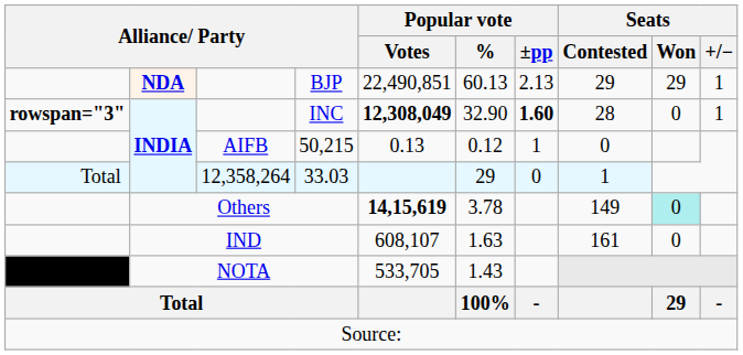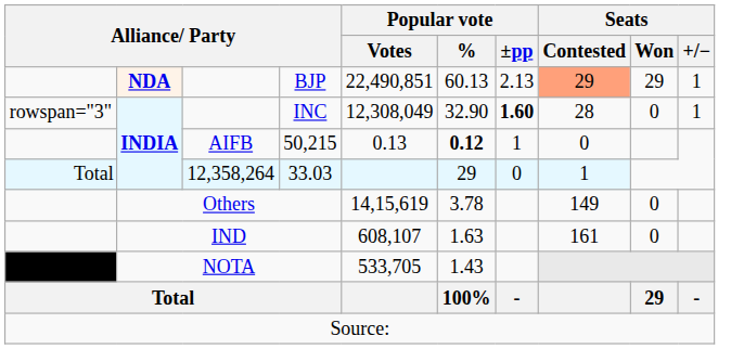 <table class="wikitable sortable" style="text-align:center;">
 <tr>
 <th colspan="4" rowspan="2">Alliance/ Party</th>
 <th colspan="3">Popular vote</th>
 <th colspan="3">Seats</th>
 </tr>
 <tr>
 <th>Votes</th>
 <th>%</th>
 <th>±<a href='#'>pp</a></th>
 <th>Contested</th>
 <th>Won</th>
 <th><strong>+/−</strong></th>
 </tr>
 <tr>
 <td></td>
 <th style="background:#fef3e8"><a href='#'>NDA</a></th>
 <td></td>
 <td><a href='#'>BJP</a></td>
 <td>22,490,851</td>
 <td>60.13</td>
 <td>2.13</td>
-<td>29</td>
+<td style="background: lightsalmon;">29</td>
 <td>29</td>
 <td>1</td>
 </tr>
 <tr>
-<td><strong>rowspan="3" </strong></td>
+<td>rowspan="3" </td>
 <th rowspan="3"style="background:#E5F8FF"><a href='#'>INDIA</a></th>
 <td></td>
 <td><a href='#'>INC</a></td>
-<td><strong>12,308,049</strong></td>
+<td>12,308,049</td>
 <td>32.90</td>
 <td><strong>1.60</strong></td>
 <td>28</td>
 <td>0</td>
 <td>1</td>
 </tr>
 <tr>
 <td></td>
 <td><a href='#'>AIFB</a></td>
 <td>50,215</td>
 <td>0.13</td>
-<td>0.12</td>
+<td><strong>0.12</strong></td>
 <td>1</td>
 <td>0</td>
 <td></td>
 </tr>
 <tr>
 <td colspan="2"style="background:#E5F8FF">Total</td>
 <td style="background:#E5F8FF">12,358,264</td>
 <td style="background:#E5F8FF">33.03</td>
 <td style="background:#E5F8FF"></td>
 <td style="background:#E5F8FF">29</td>
 <td style="background:#E5F8FF">0</td>
 <td style="background:#E5F8FF">1</td>
 </tr>
 <tr>
 <td></td>
 <td colspan="3"><a href='#'>Others</a></td>
-<td><strong>14,15,619</strong></td>
+<td>14,15,619</td>
 <td>3.78</td>
 <td></td>
 <td>149</td>
-<td style="background: paleturquoise;">0</td>
+<td>0</td>
 <td></td>
 </tr>
 <tr>
 <td></td>
 <td colspan="3"><a href='#'>IND</a></td>
 <td>608,107</td>
 <td>1.63</td>
 <td></td>
 <td>161</td>
 <td>0</td>
 <td></td>
 </tr>
 <tr>
 <td bgcolor="Black"></td>
 <td colspan="3"><a href='#'>NOTA</a></td>
 <td>533,705</td>
 <td>1.43</td>
 <td></td>
 <th colspan="3" style="background-color:#E9E9E9"></th>
 </tr>
 <tr>
 <th colspan="4">Total</th>
 <th></th>
 <th>100%</th>
 <th>-</th>
 <th></th>
 <th>29</th>
 <th>-</th>
 </tr>
 <tr>
 <td colspan="10">Source:</td>
 </tr>
 </table>
